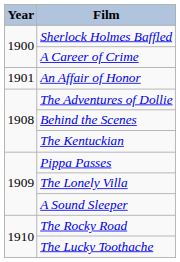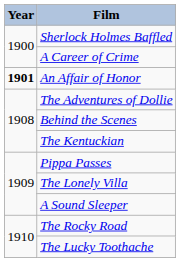 <table class="wikitable">
 <tr>
 <th style="background:#B0C4DE;">Year</th>
 <th style="background:#B0C4DE;">Film</th>
 </tr>
 <tr>
 <td rowspan=2>1900</td>
 <td><em><a href='#'>Sherlock Holmes Baffled</a></em></td>
 </tr>
 <tr>
 <td><em><a href='#'>A Career of Crime</a></em></td>
 </tr>
 <tr>
-<td rowspan=1>1901</td>
+<td rowspan=1><strong>1901</strong></td>
 <td><em><a href='#'>An Affair of Honor</a></em></td>
 </tr>
 <tr>
 <td rowspan=3>1908</td>
 <td><em><a href='#'>The Adventures of Dollie</a></em></td>
 </tr>
 <tr>
 <td><em><a href='#'>Behind the Scenes</a></em></td>
 </tr>
 <tr>
 <td><em><a href='#'>The Kentuckian</a></em></td>
 </tr>
 <tr>
 <td rowspan=3>1909</td>
 <td><em><a href='#'>Pippa Passes</a></em></td>
 </tr>
 <tr>
 <td><em><a href='#'>The Lonely Villa</a></em></td>
 </tr>
 <tr>
 <td><em><a href='#'>A Sound Sleeper</a></em></td>
 </tr>
 <tr>
 <td rowspan=2>1910</td>
 <td><em><a href='#'>The Rocky Road</a></em></td>
 </tr>
 <tr>
 <td><em><a href='#'>The Lucky Toothache</a></em></td>
 </tr>
 </table>
